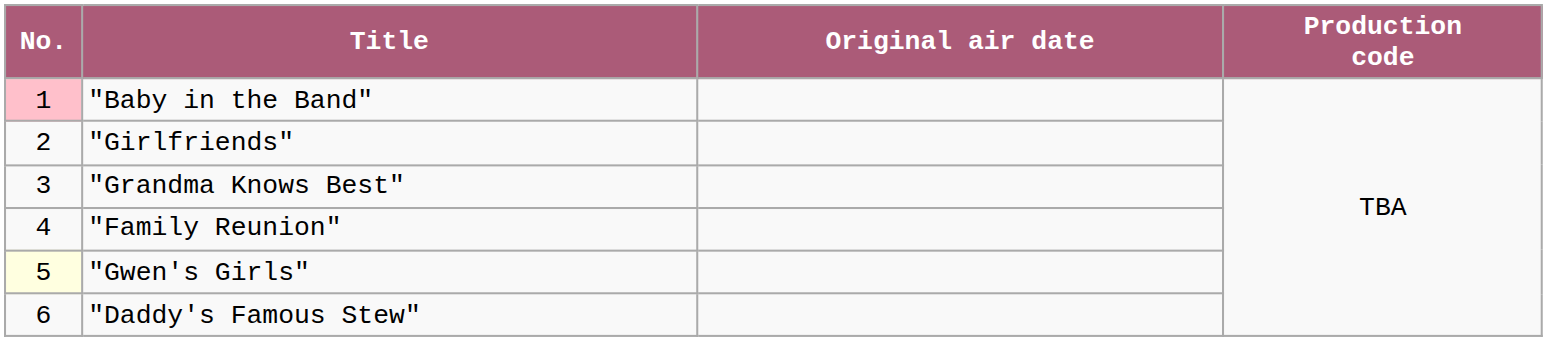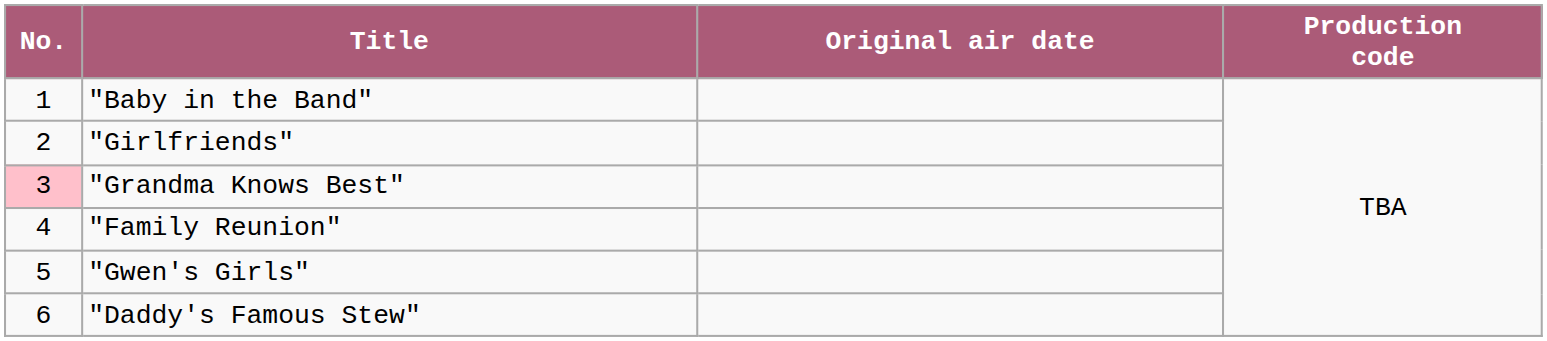 <table class="wikitable plainrowheaders" style="width:60%;">
 <tr>
 <th style="background-color: #ab5b78; color: #FFFFFF;" width=5%>No.</th>
 <th style="background-color: #ab5b78; color: #FFFFFF;" width=40%>Title</th>
 <th style="background-color: #ab5b78; color: #FFFFFF;">Original air date</th>
 <th style="background-color: #ab5b78; color: #FFFFFF;">Production<br>code</th>
 </tr>
 <tr>
-<td align=center style="background: pink;">1</td>
+<td align=center>1</td>
 <td>"Baby in the Band"</td>
 <td align=center></td>
 <td align=center rowspan=6>TBA</td>
 </tr>
 <tr>
 <td align=center>2</td>
 <td>"Girlfriends"</td>
 <td align=center></td>
 </tr>
 <tr>
-<td align=center>3</td>
+<td align=center style="background: pink;">3</td>
 <td>"Grandma Knows Best"</td>
 <td align=center></td>
 </tr>
 <tr>
 <td align=center>4</td>
 <td>"Family Reunion"</td>
 <td align=center></td>
 </tr>
 <tr>
-<td align=center style="background: lightyellow;">5</td>
+<td align=center>5</td>
 <td>"Gwen's Girls"</td>
 <td align=center></td>
 </tr>
 <tr>
 <td align=center>6</td>
 <td>"Daddy's Famous Stew"</td>
 <td align=center></td>
 </tr>
 </table>
